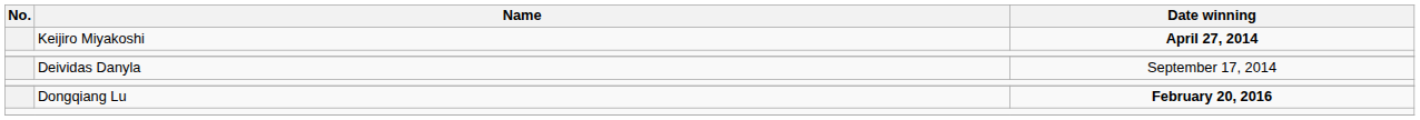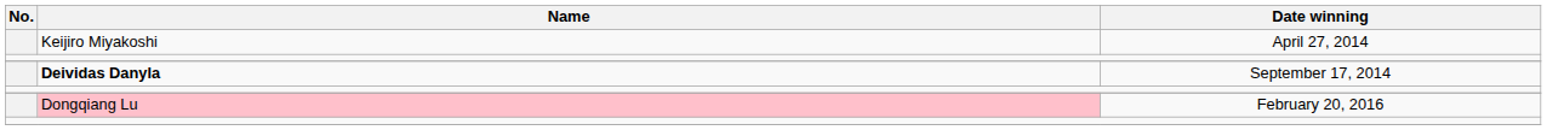 <table class="wikitable" width=100%>
 <tr>
 <th style="width:1%;">No.</th>
 <th style="width:70%;">Name</th>
 <th style="width:29%;">Date winning</th>
 </tr>
 <tr align=center>
 <th></th>
 <td align=left> Keijiro Miyakoshi</td>
-<td><strong>April 27, 2014</strong></td>
+<td>April 27, 2014</td>
 </tr>
 <tr>
 <td colspan="6"></td>
 </tr>
 <tr>
 </tr>
 <tr align=center>
 <th></th>
-<td align=left> Deividas Danyla</td>
+<td align=left><strong> Deividas Danyla</strong></td>
 <td>September 17, 2014</td>
 </tr>
 <tr>
 <td colspan="6"></td>
 </tr>
 <tr>
 </tr>
 <tr align=center>
 <th></th>
-<td align=left> Dongqiang Lu</td>
-<td><strong>February 20, 2016</strong></td>
+<td align=left style="background: pink;"> Dongqiang Lu</td>
+<td>February 20, 2016</td>
 </tr>
 <tr>
 <td colspan="6"></td>
 </tr>
 <tr>
 </tr>
 </table>
